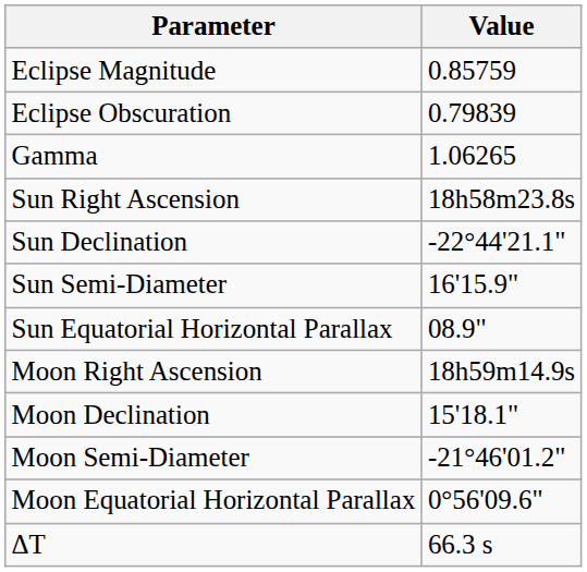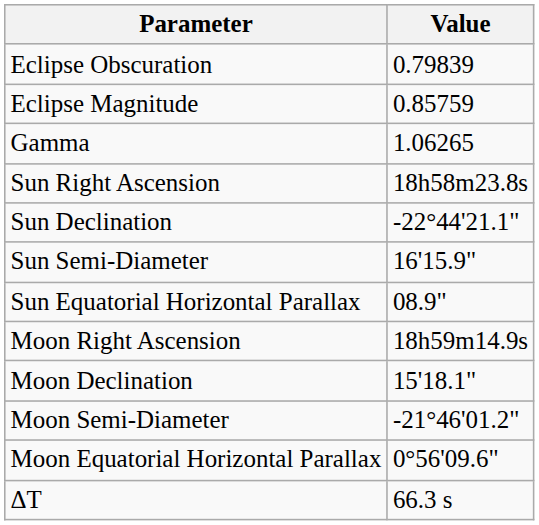 <table class="wikitable">
 <tr>
 <th>Parameter</th>
 <th>Value</th>
 </tr>
 <tr>
+<td>Eclipse Obscuration</td>
+<td>0.79839</td>
+</tr>
+<tr>
 <td>Eclipse Magnitude</td>
 <td>0.85759</td>
-</tr>
-<tr>
-<td>Eclipse Obscuration</td>
-<td>0.79839</td>
 </tr>
 <tr>
 <td>Gamma</td>
 <td>1.06265</td>
 </tr>
 <tr>
 <td>Sun Right Ascension</td>
 <td>18h58m23.8s</td>
 </tr>
 <tr>
 <td>Sun Declination</td>
 <td>-22°44'21.1"</td>
 </tr>
 <tr>
 <td>Sun Semi-Diameter</td>
 <td>16'15.9"</td>
 </tr>
 <tr>
 <td>Sun Equatorial Horizontal Parallax</td>
 <td>08.9"</td>
 </tr>
 <tr>
 <td>Moon Right Ascension</td>
 <td>18h59m14.9s</td>
 </tr>
 <tr>
 <td>Moon Declination</td>
 <td>15'18.1"</td>
 </tr>
 <tr>
 <td>Moon Semi-Diameter</td>
 <td>-21°46'01.2"</td>
 </tr>
 <tr>
 <td>Moon Equatorial Horizontal Parallax</td>
 <td>0°56'09.6"</td>
 </tr>
 <tr>
 <td>ΔT</td>
 <td>66.3 s</td>
 </tr>
 </table>
